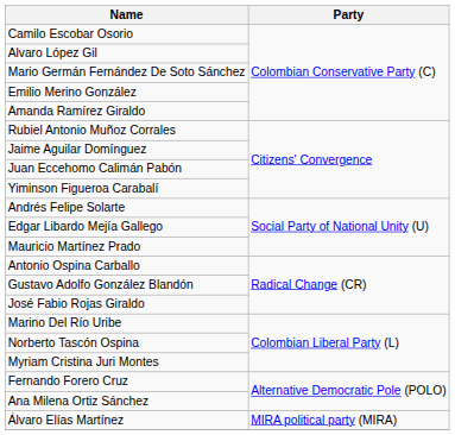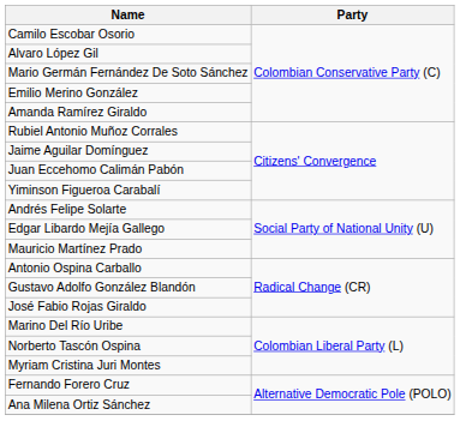 <table class="wikitable">
 <tr>
 <th>Name</th>
 <th>Party</th>
 </tr>
 <tr>
 <td>Camilo Escobar Osorio</td>
 <td rowspan=05><a href='#'>Colombian Conservative Party</a> (C)</td>
 </tr>
 <tr>
 <td>Alvaro López Gil</td>
 </tr>
 <tr>
 <td>Mario Germán Fernández De Soto Sánchez</td>
 </tr>
 <tr>
 <td>Emilio Merino González</td>
 </tr>
 <tr>
 <td>Amanda Ramírez Giraldo</td>
 </tr>
 <tr>
 <td>Rubiel Antonio Muñoz Corrales</td>
 <td rowspan=04><a href='#'>Citizens' Convergence</a></td>
 </tr>
 <tr>
 <td>Jaime Aguilar Domínguez</td>
 </tr>
 <tr>
 <td>Juan Eccehomo Calimán Pabón</td>
 </tr>
 <tr>
 <td>Yiminson Figueroa Carabalí</td>
 </tr>
 <tr>
 <td>Andrés Felipe Solarte</td>
 <td rowspan=03><a href='#'>Social Party of National Unity</a> (U)</td>
 </tr>
 <tr>
 <td>Edgar Libardo Mejía Gallego</td>
 </tr>
 <tr>
 <td>Mauricio Martínez Prado</td>
 </tr>
 <tr>
 <td>Antonio Ospina Carballo</td>
 <td rowspan=03><a href='#'>Radical Change</a> (CR)</td>
 </tr>
 <tr>
 <td>Gustavo Adolfo González Blandón</td>
 </tr>
 <tr>
 <td>José Fabio Rojas Giraldo</td>
 </tr>
 <tr>
 <td>Marino Del Río Uribe</td>
 <td rowspan=03><a href='#'>Colombian Liberal Party</a> (L)</td>
 </tr>
 <tr>
 <td>Norberto Tascón Ospina</td>
 </tr>
 <tr>
 <td>Myriam Cristina Juri Montes</td>
 </tr>
 <tr>
 <td>Fernando Forero Cruz</td>
 <td rowspan=02><a href='#'>Alternative Democratic Pole</a> (POLO)</td>
 </tr>
 <tr>
 <td>Ana Milena Ortiz Sánchez</td>
 </tr>
 <tr>
-<td>Álvaro Elías Martínez</td>
-<td><a href='#'>MIRA political party</a> (MIRA)</td>
-</tr>
-<tr>
 </tr>
 </table>
